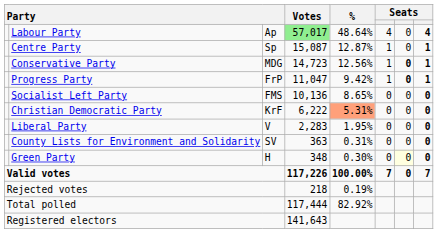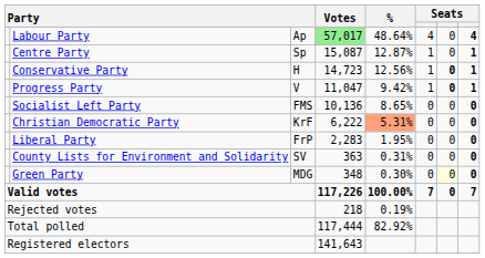 <table class="wikitable" border="1" style="text-align:right;">
 <tr>
 <th style="text-align:left;" valign=bottom rowspan=2 colspan=3>Party</th>
 <th align=center valign=bottom rowspan=2 width="50">Votes</th>
 <th align=center valign=bottom rowspan=2 width="50">%</th>
 <th colspan=3>Seats</th>
 </tr>
 <tr>
 <th align=center valign=bottom width="20"><small></small></th>
 <th align=center valign=bottom width="20"><small><a href='#'></a></small></th>
 <th align=center valign=bottom width="20"><small></small></th>
 </tr>
 <tr>
 <td style="color:inherit;background:"></td>
 <td align=left><a href='#'>Labour Party</a></td>
 <td align=left>Ap</td>
 <td style="background: lightgreen;">57,017</td>
 <td>48.64%</td>
 <td>4</td>
 <td>0</td>
 <td><strong>4</strong></td>
 </tr>
 <tr>
 <td style="color:inherit;background:"></td>
 <td align=left><a href='#'>Centre Party</a></td>
 <td align=left>Sp</td>
 <td>15,087</td>
 <td>12.87%</td>
 <td>1</td>
 <td>0</td>
 <td><strong>1</strong></td>
 </tr>
 <tr>
 <td style="color:inherit;background:"></td>
 <td align=left><a href='#'>Conservative Party</a></td>
-<td align=left>MDG</td>
+<td align=left>H</td>
 <td>14,723</td>
 <td>12.56%</td>
 <td>1</td>
 <td><strong>0</strong></td>
 <td><strong>1</strong></td>
 </tr>
 <tr>
 <td style="color:inherit;background:"></td>
 <td align=left><a href='#'>Progress Party</a></td>
-<td align=left>FrP</td>
+<td align=left>V</td>
 <td>11,047</td>
 <td>9.42%</td>
 <td>1</td>
 <td><strong>0</strong></td>
 <td><strong>1</strong></td>
 </tr>
 <tr>
 <td style="color:inherit;background:"></td>
 <td align=left><a href='#'>Socialist Left Party</a></td>
 <td align=left>FMS</td>
 <td>10,136</td>
 <td>8.65%</td>
 <td>0</td>
 <td>0</td>
 <td><strong>0</strong></td>
 </tr>
 <tr>
 <td style="color:inherit;background:"></td>
 <td align=left><a href='#'>Christian Democratic Party</a></td>
 <td align=left>KrF</td>
 <td>6,222</td>
 <td style="background: lightsalmon;">5.31%</td>
 <td>0</td>
 <td>0</td>
 <td><strong>0</strong></td>
 </tr>
 <tr>
 <td style="color:inherit;background:"></td>
 <td align=left><a href='#'>Liberal Party</a></td>
-<td align=left>V</td>
+<td align=left>FrP</td>
 <td>2,283</td>
 <td>1.95%</td>
 <td>0</td>
 <td>0</td>
 <td><strong>0</strong></td>
 </tr>
 <tr>
 <td></td>
 <td align=left><a href='#'>County Lists for Environment and Solidarity</a></td>
 <td align=left>SV</td>
 <td>363</td>
 <td>0.31%</td>
 <td>0</td>
 <td>0</td>
 <td><strong>0</strong></td>
 </tr>
 <tr>
 <td style="color:inherit;background:"></td>
 <td align=left><a href='#'>Green Party</a></td>
-<td align=left>H</td>
+<td align=left>MDG</td>
 <td>348</td>
 <td>0.30%</td>
 <td>0</td>
 <td style="background: lightyellow;">0</td>
 <td><strong>0</strong></td>
 </tr>
 <tr style="font-weight:bold">
 <td align=left colspan=3>Valid votes</td>
 <td>117,226</td>
 <td>100.00%</td>
 <td>7</td>
 <td>0</td>
 <td>7</td>
 </tr>
 <tr>
 <td align=left colspan=3>Rejected votes</td>
 <td>218</td>
 <td>0.19%</td>
 <td></td>
 <td></td>
 <td></td>
 </tr>
 <tr>
 <td align=left colspan=3>Total polled</td>
 <td>117,444</td>
 <td>82.92%</td>
 <td></td>
 <td></td>
 <td></td>
 </tr>
 <tr>
 <td align=left colspan=3>Registered electors</td>
 <td>141,643</td>
 <td></td>
 <td></td>
 <td></td>
 <td></td>
 </tr>
 </table>
